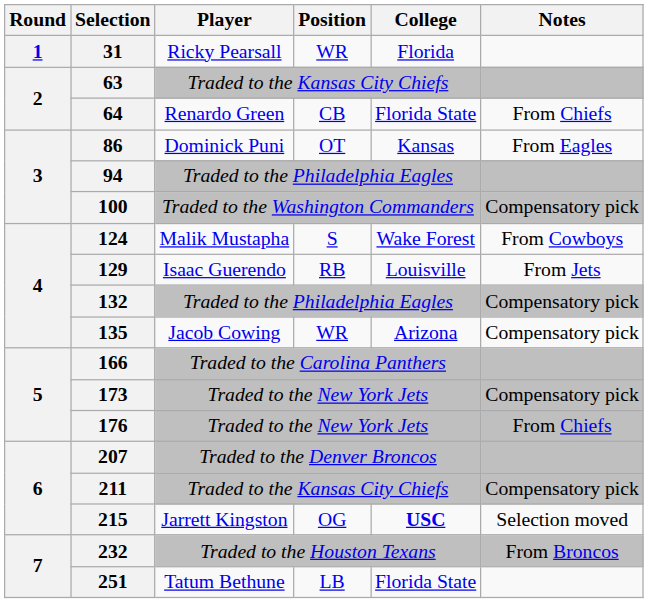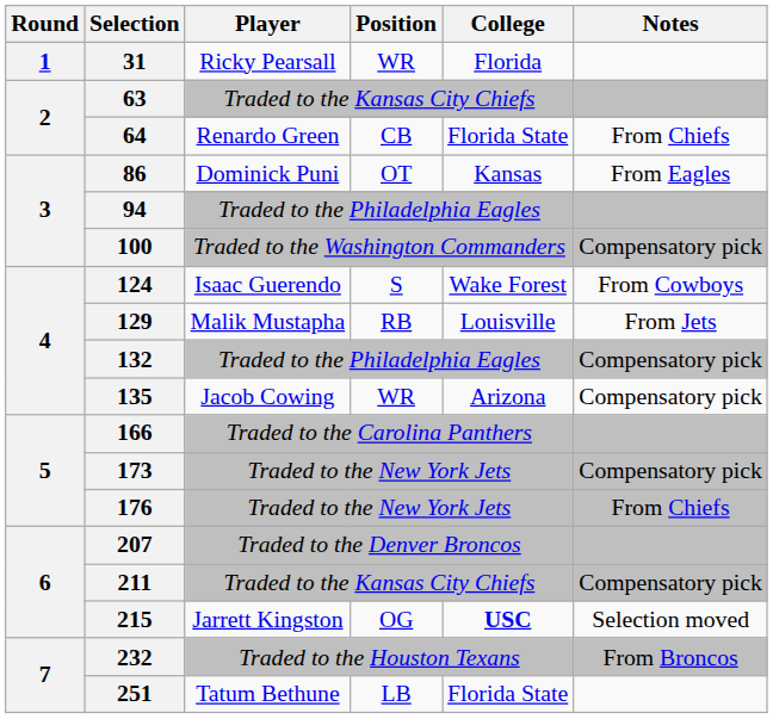 <table class="wikitable" style="text-align:center">
 <tr>
 <th>Round</th>
 <th>Selection</th>
 <th>Player</th>
 <th>Position</th>
 <th>College</th>
 <th>Notes</th>
 </tr>
 <tr>
 <th><a href='#'>1</a></th>
 <th>31</th>
 <td><a href='#'>Ricky Pearsall</a></td>
 <td><a href='#'>WR</a></td>
 <td><a href='#'>Florida</a></td>
 <td></td>
 </tr>
 <tr>
 <th rowspan="2">2</th>
 <th>63</th>
 <td colspan="3" style="background:#BFBFBF"><em>Traded to the <a href='#'>Kansas City Chiefs</a></em></td>
 <td style="background:#BFBFBF"></td>
 </tr>
 <tr>
 <th>64</th>
 <td><a href='#'>Renardo Green</a></td>
 <td><a href='#'>CB</a></td>
 <td><a href='#'>Florida State</a></td>
 <td>From <a href='#'>Chiefs</a></td>
 </tr>
 <tr>
 <th rowspan="3">3</th>
 <th>86</th>
 <td><a href='#'>Dominick Puni</a></td>
 <td><a href='#'>OT</a></td>
 <td><a href='#'>Kansas</a></td>
 <td>From <a href='#'>Eagles</a></td>
 </tr>
 <tr>
 <th>94</th>
 <td colspan="3" style="background:#BFBFBF"><em>Traded to the <a href='#'>Philadelphia Eagles</a></em></td>
 <td style="background:#BFBFBF"></td>
 </tr>
 <tr>
 <th>100</th>
 <td colspan="3" style="background:#BFBFBF"><em>Traded to the <a href='#'>Washington Commanders</a></em></td>
 <td style="background:#BFBFBF">Compensatory pick</td>
 </tr>
 <tr>
 <th rowspan="4">4</th>
 <th>124</th>
-<td><a href='#'>Malik Mustapha</a></td>
+<td><a href='#'>Isaac Guerendo</a></td>
 <td><a href='#'>S</a></td>
 <td><a href='#'>Wake Forest</a></td>
 <td>From <a href='#'>Cowboys</a></td>
 </tr>
 <tr>
 <th>129</th>
-<td><a href='#'>Isaac Guerendo</a></td>
+<td><a href='#'>Malik Mustapha</a></td>
 <td><a href='#'>RB</a></td>
 <td><a href='#'>Louisville</a></td>
 <td>From <a href='#'>Jets</a></td>
 </tr>
 <tr>
 <th>132</th>
 <td colspan="3" style="background:#BFBFBF"><em>Traded to the <a href='#'>Philadelphia Eagles</a></em></td>
 <td style="background:#BFBFBF">Compensatory pick</td>
 </tr>
 <tr>
 <th>135</th>
 <td><a href='#'>Jacob Cowing</a></td>
 <td><a href='#'>WR</a></td>
 <td><a href='#'>Arizona</a></td>
 <td>Compensatory pick</td>
 </tr>
 <tr>
 <th rowspan="3">5</th>
 <th>166</th>
 <td colspan="3" style="background:#BFBFBF"><em>Traded to the <a href='#'>Carolina Panthers</a></em></td>
 <td style="background:#BFBFBF"></td>
 </tr>
 <tr>
 <th>173</th>
 <td colspan="3" style="background:#BFBFBF"><em>Traded to the <a href='#'>New York Jets</a></em></td>
 <td style="background:#BFBFBF">Compensatory pick</td>
 </tr>
 <tr>
 <th>176</th>
 <td colspan="3" style="background:#BFBFBF"><em>Traded to the <a href='#'>New York Jets</a></em></td>
 <td style="background:#BFBFBF">From <a href='#'>Chiefs</a></td>
 </tr>
 <tr>
 <th rowspan="3">6</th>
 <th>207</th>
 <td colspan="3" style="background:#BFBFBF"><em>Traded to the <a href='#'>Denver Broncos</a></em></td>
 <td style="background:#BFBFBF"></td>
 </tr>
 <tr>
 <th>211</th>
 <td colspan="3" style="background:#BFBFBF"><em>Traded to the <a href='#'>Kansas City Chiefs</a></em></td>
 <td style="background:#BFBFBF">Compensatory pick</td>
 </tr>
 <tr>
 <th>215</th>
 <td><a href='#'>Jarrett Kingston</a></td>
 <td><a href='#'>OG</a></td>
 <td><strong><a href='#'>USC</a></strong></td>
 <td>Selection moved</td>
 </tr>
 <tr>
 <th rowspan="2">7</th>
 <th>232</th>
 <td colspan="3" style="background:#BFBFBF"><em>Traded to the <a href='#'>Houston Texans</a></em></td>
 <td style="background:#BFBFBF">From <a href='#'>Broncos</a></td>
 </tr>
 <tr>
 <th>251</th>
 <td><a href='#'>Tatum Bethune</a></td>
 <td><a href='#'>LB</a></td>
 <td><a href='#'>Florida State</a></td>
 <td></td>
 </tr>
 </table>
